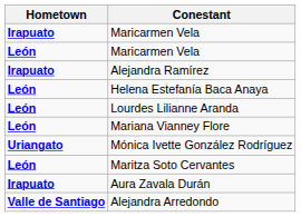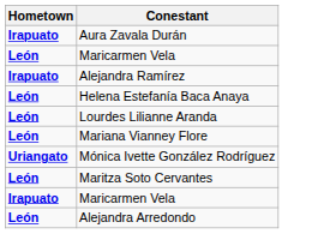 <table class="wikitable sortable" style="font-size: 95%;">
 <tr>
 <th>Hometown</th>
 <th>Conestant</th>
 </tr>
 <tr>
 <td><strong><a href='#'>Irapuato</a></strong></td>
-<td>Maricarmen Vela</td>
+<td>Aura Zavala Durán</td>
 </tr>
 <tr>
 <td><strong><a href='#'>León</a></strong></td>
 <td>Maricarmen Vela</td>
 </tr>
 <tr>
 <td><strong><a href='#'>Irapuato</a></strong></td>
 <td>Alejandra Ramírez</td>
 </tr>
 <tr>
 <td><strong><a href='#'>León</a></strong></td>
 <td>Helena Estefanía Baca Anaya</td>
 </tr>
 <tr>
 <td><strong><a href='#'>León</a></strong></td>
 <td>Lourdes Lilianne Aranda</td>
 </tr>
 <tr>
 <td><strong><a href='#'>León</a></strong></td>
 <td>Mariana Vianney Flore</td>
 </tr>
 <tr>
 <td><strong><a href='#'>Uriangato</a></strong></td>
 <td>Mónica Ivette González Rodríguez</td>
 </tr>
 <tr>
 <td><strong><a href='#'>León</a></strong></td>
 <td>Maritza Soto Cervantes</td>
 </tr>
 <tr>
 <td><strong><a href='#'>Irapuato</a></strong></td>
-<td>Aura Zavala Durán</td>
+<td>Maricarmen Vela</td>
 </tr>
 <tr>
-<td><strong><a href='#'>Valle de Santiago</a></strong></td>
+<td><strong><a href='#'>León</a></strong></td>
 <td>Alejandra Arredondo</td>
 </tr>
 </table>
